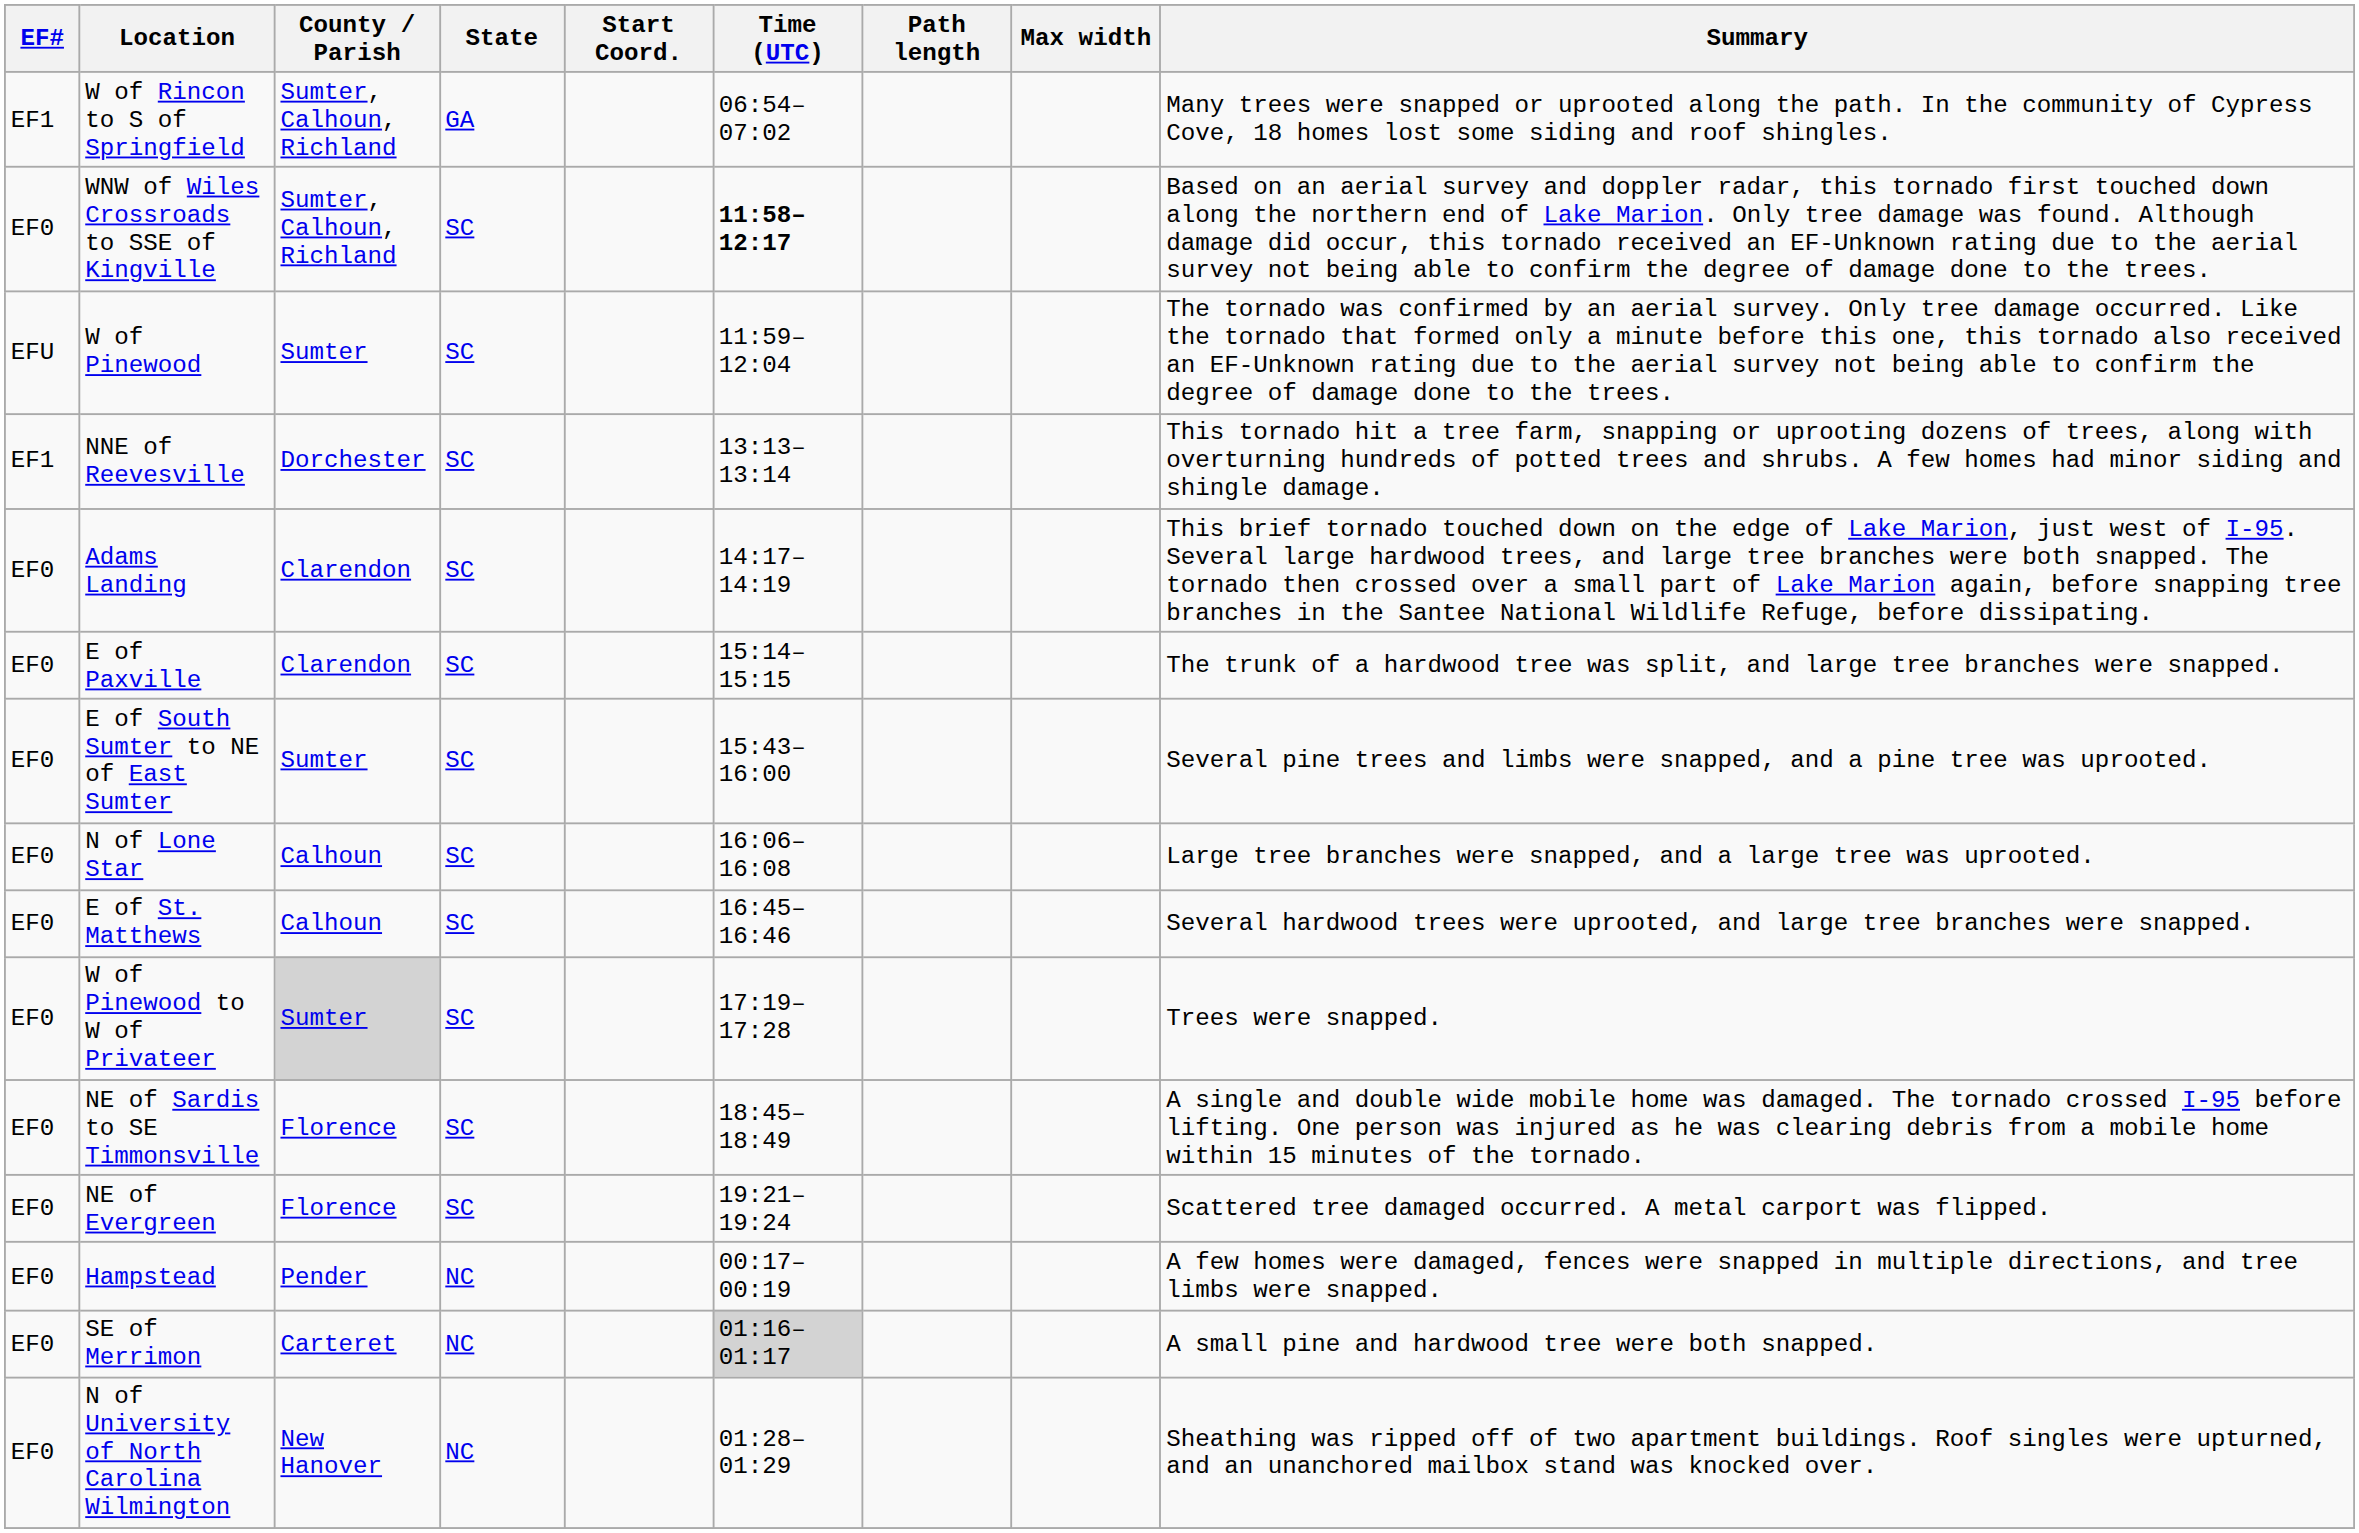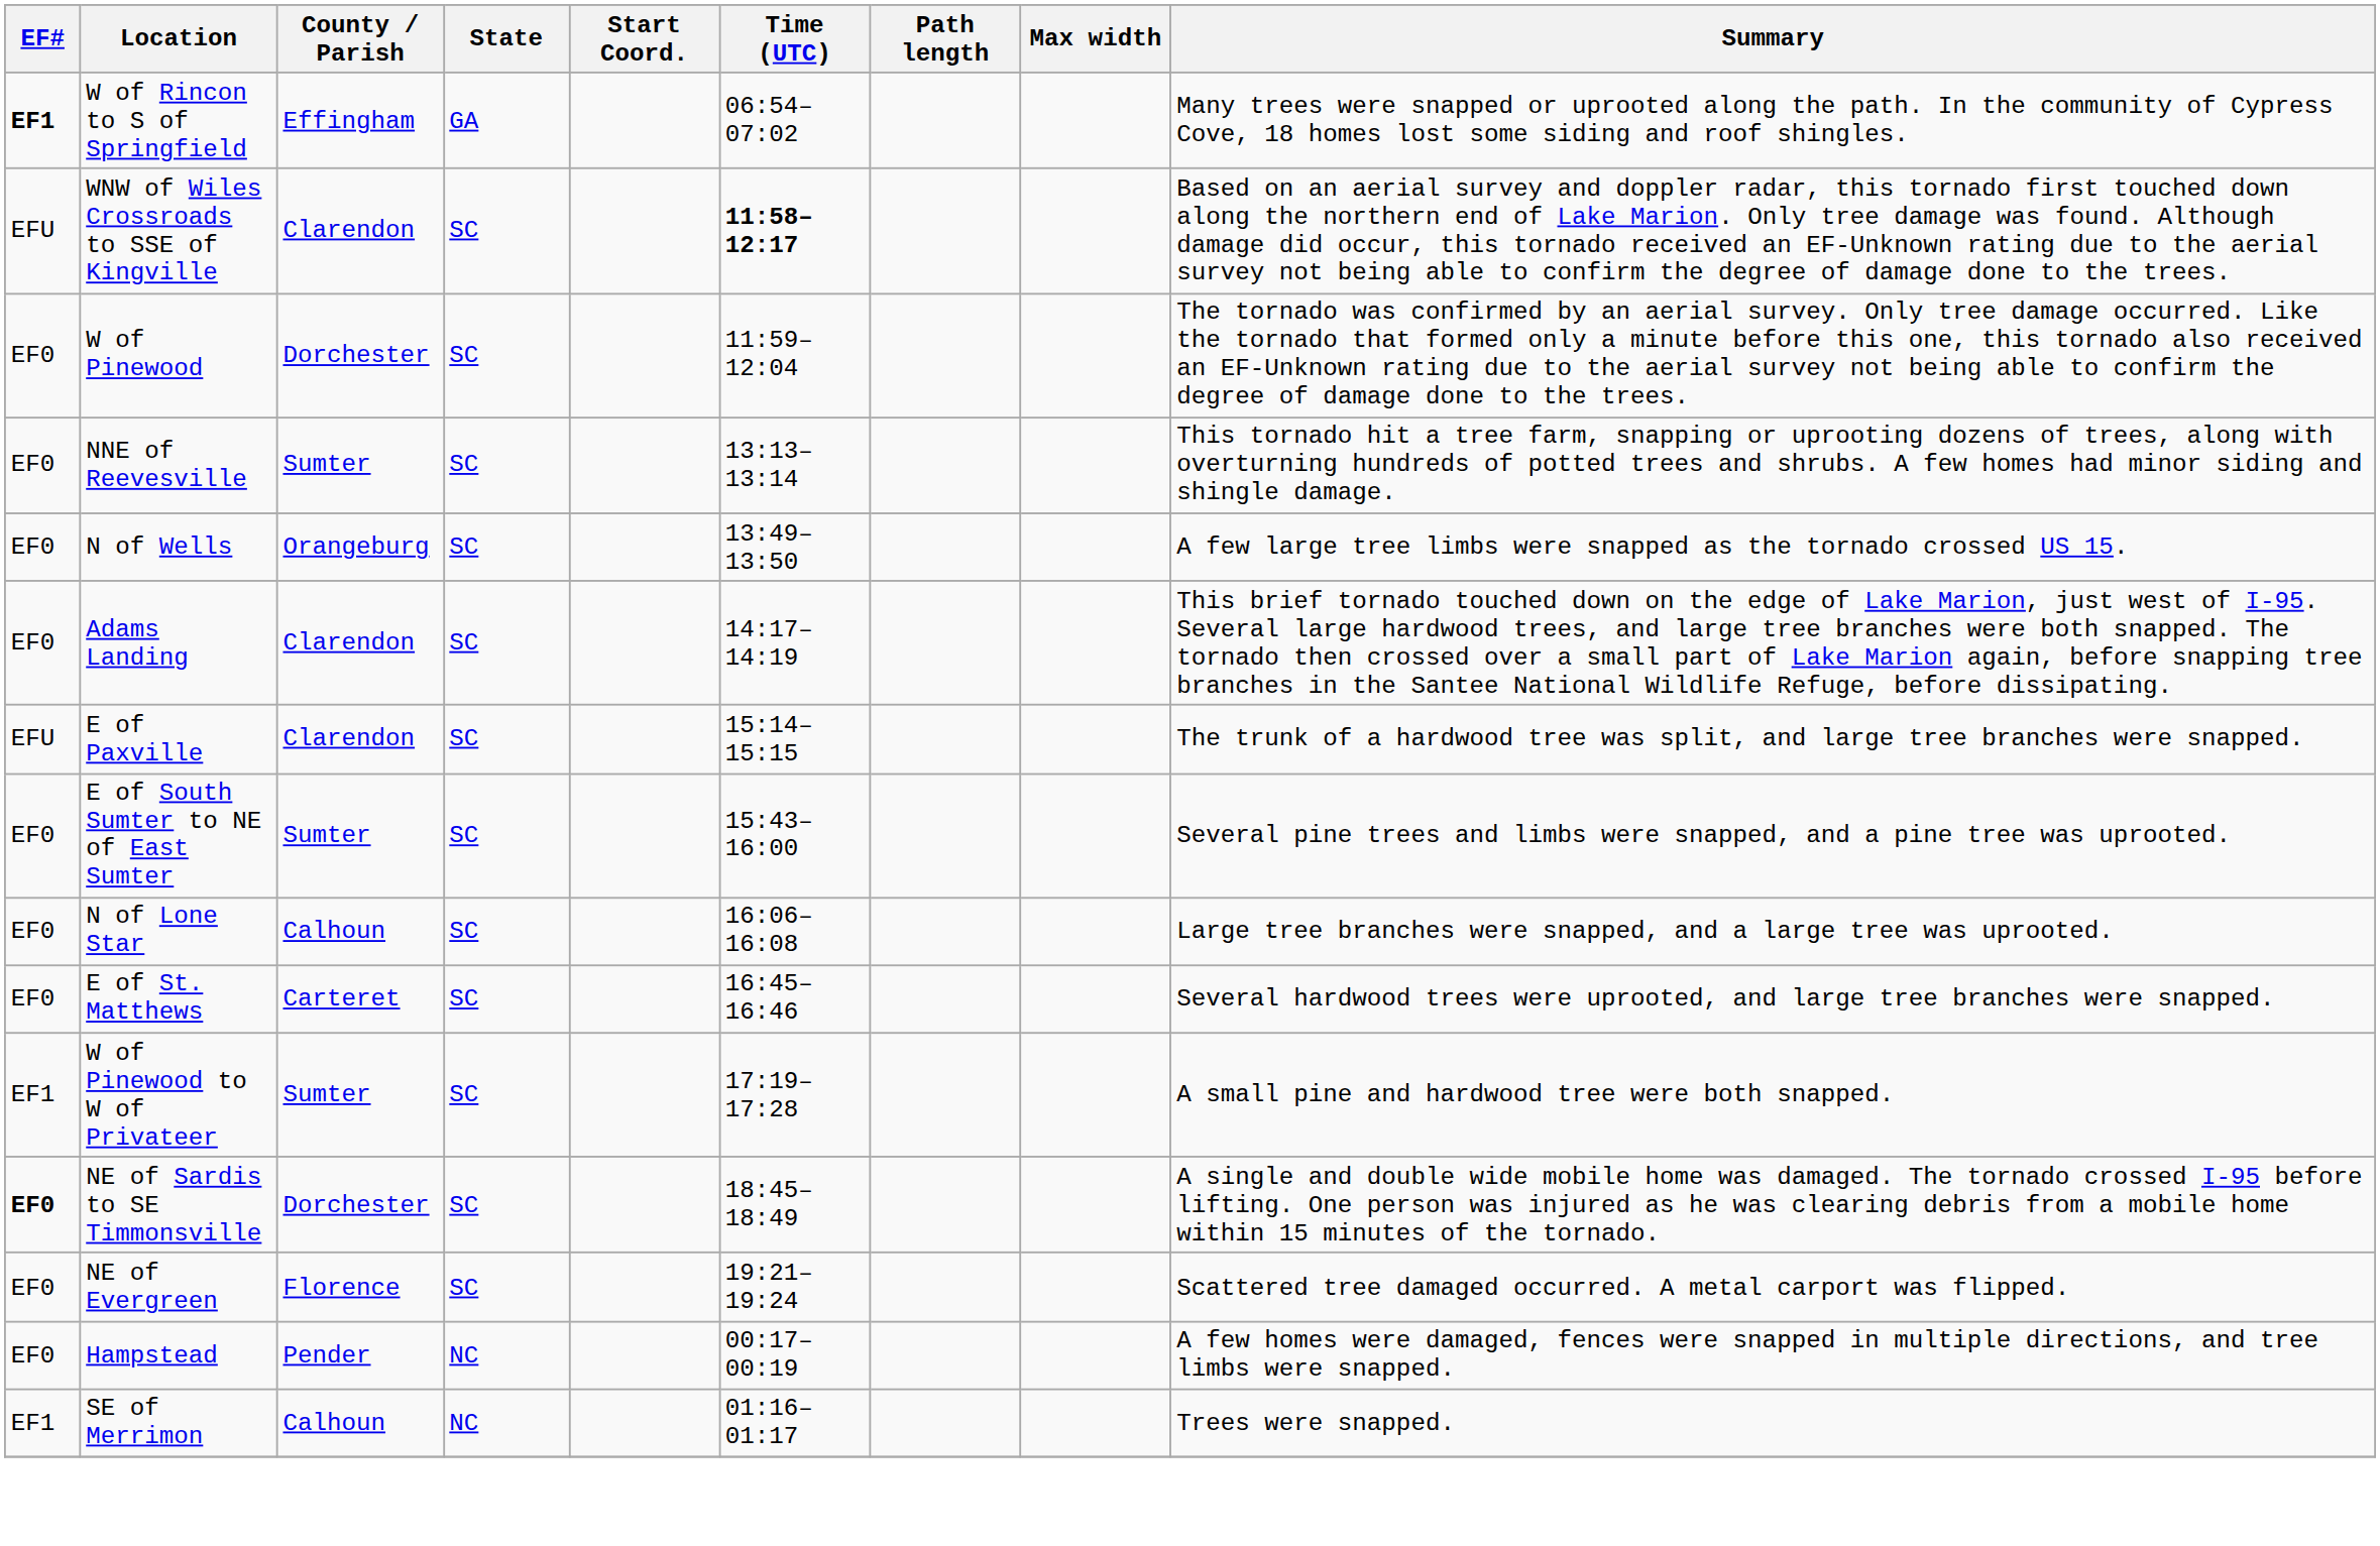 <table class="wikitable sortable" style="width:100%;">
 <tr>
 <th scope="col"  style="width:3%; text-align:center;"><a href='#'>EF#</a></th>
 <th scope="col"  style="width:7%; text-align:center;" class="unsortable">Location</th>
 <th scope="col"  style="width:6%; text-align:center;" class="unsortable">County / Parish</th>
 <th scope="col"  style="width:5%; text-align:center;">State</th>
 <th scope="col"  style="width:6%; text-align:center;">Start Coord.</th>
 <th scope="col"  style="width:6%; text-align:center;">Time (<a href='#'>UTC</a>)</th>
 <th scope="col"  style="width:6%; text-align:center;">Path length</th>
 <th scope="col"  style="width:6%; text-align:center;">Max width</th>
 <th scope="col" class="unsortable" style="width:48%; text-align:center;">Summary</th>
 </tr>
 <tr>
-<td>EF1</td>
+<td><strong>EF1</strong></td>
 <td>W of <a href='#'>Rincon</a> to S of <a href='#'>Springfield</a></td>
-<td><a href='#'>Sumter</a>, <a href='#'>Calhoun</a>, <a href='#'>Richland</a></td>
+<td><a href='#'>Effingham</a></td>
 <td><a href='#'>GA</a></td>
 <td></td>
 <td>06:54–07:02</td>
 <td></td>
 <td></td>
 <td>Many trees were snapped or uprooted along the path. In the community of Cypress Cove, 18 homes lost some siding and roof shingles.</td>
 </tr>
 <tr>
-<td>EF0</td>
+<td>EFU</td>
 <td>WNW of <a href='#'>Wiles Crossroads</a> to SSE of <a href='#'>Kingville</a></td>
-<td><a href='#'>Sumter</a>, <a href='#'>Calhoun</a>, <a href='#'>Richland</a></td>
+<td><a href='#'>Clarendon</a></td>
 <td><a href='#'>SC</a></td>
 <td></td>
 <td><strong>11:58–12:17</strong></td>
 <td></td>
 <td></td>
 <td>Based on an aerial survey and doppler radar, this tornado first touched down along the northern end of <a href='#'>Lake Marion</a>. Only tree damage was found. Although damage did occur, this tornado received an EF-Unknown rating due to the aerial survey not being able to confirm the degree of damage done to the trees.</td>
 </tr>
 <tr>
-<td>EFU</td>
+<td>EF0</td>
 <td>W of <a href='#'>Pinewood</a></td>
-<td><a href='#'>Sumter</a></td>
+<td><a href='#'>Dorchester</a></td>
 <td><a href='#'>SC</a></td>
 <td></td>
 <td>11:59–12:04</td>
 <td></td>
 <td></td>
 <td>The tornado was confirmed by an aerial survey. Only tree damage occurred. Like the tornado that formed only a minute before this one, this tornado also received an EF-Unknown rating due to the aerial survey not being able to confirm the degree of damage done to the trees.</td>
 </tr>
 <tr>
-<td>EF1</td>
+<td>EF0</td>
 <td>NNE of <a href='#'>Reevesville</a></td>
-<td><a href='#'>Dorchester</a></td>
+<td><a href='#'>Sumter</a></td>
 <td><a href='#'>SC</a></td>
 <td></td>
 <td>13:13–13:14</td>
 <td></td>
 <td></td>
 <td>This tornado hit a tree farm, snapping or uprooting dozens of trees, along with overturning hundreds of potted trees and shrubs. A few homes had minor siding and shingle damage.</td>
+</tr>
+<tr>
+<td>EF0</td>
+<td>N of <a href='#'>Wells</a></td>
+<td><a href='#'>Orangeburg</a></td>
+<td><a href='#'>SC</a></td>
+<td></td>
+<td>13:49–13:50</td>
+<td></td>
+<td></td>
+<td>A few large tree limbs were snapped as the tornado crossed <a href='#'>US 15</a>.</td>
 </tr>
 <tr>
 <td>EF0</td>
 <td><a href='#'>Adams Landing</a></td>
 <td><a href='#'>Clarendon</a></td>
 <td><a href='#'>SC</a></td>
 <td></td>
 <td>14:17–14:19</td>
 <td></td>
 <td></td>
 <td>This brief tornado touched down on the edge of <a href='#'>Lake Marion</a>, just west of <a href='#'>I-95</a>. Several large hardwood trees, and large tree branches were both snapped. The tornado then crossed over a small part of <a href='#'>Lake Marion</a> again, before snapping tree branches in the Santee National Wildlife Refuge, before dissipating.</td>
 </tr>
 <tr>
-<td>EF0</td>
+<td>EFU</td>
 <td>E of <a href='#'>Paxville</a></td>
 <td><a href='#'>Clarendon</a></td>
 <td><a href='#'>SC</a></td>
 <td></td>
 <td>15:14–15:15</td>
 <td></td>
 <td></td>
 <td>The trunk of a hardwood tree was split, and large tree branches were snapped.</td>
 </tr>
 <tr>
 <td>EF0</td>
 <td>E of <a href='#'>South Sumter</a> to NE of <a href='#'>East Sumter</a></td>
 <td><a href='#'>Sumter</a></td>
 <td><a href='#'>SC</a></td>
 <td></td>
 <td>15:43–16:00</td>
 <td></td>
 <td></td>
 <td>Several pine trees and limbs were snapped, and a pine tree was uprooted.</td>
 </tr>
 <tr>
 <td>EF0</td>
 <td>N of <a href='#'>Lone Star</a></td>
 <td><a href='#'>Calhoun</a></td>
 <td><a href='#'>SC</a></td>
 <td></td>
 <td>16:06–16:08</td>
 <td></td>
 <td></td>
 <td>Large tree branches were snapped, and a large tree was uprooted.</td>
 </tr>
 <tr>
 <td>EF0</td>
 <td>E of <a href='#'>St. Matthews</a></td>
-<td><a href='#'>Calhoun</a></td>
+<td><a href='#'>Carteret</a></td>
 <td><a href='#'>SC</a></td>
 <td></td>
 <td>16:45–16:46</td>
 <td></td>
 <td></td>
 <td>Several hardwood trees were uprooted, and large tree branches were snapped.</td>
 </tr>
 <tr>
-<td>EF0</td>
+<td>EF1</td>
 <td>W of <a href='#'>Pinewood</a> to W of <a href='#'>Privateer</a></td>
-<td style="background: lightgrey;"><a href='#'>Sumter</a></td>
+<td><a href='#'>Sumter</a></td>
 <td><a href='#'>SC</a></td>
 <td></td>
 <td>17:19–17:28</td>
 <td></td>
 <td></td>
-<td>Trees were snapped.</td>
+<td>A small pine and hardwood tree were both snapped.</td>
 </tr>
 <tr>
-<td>EF0</td>
+<td><strong>EF0</strong></td>
 <td>NE of <a href='#'>Sardis</a> to SE <a href='#'>Timmonsville</a></td>
-<td><a href='#'>Florence</a></td>
+<td><a href='#'>Dorchester</a></td>
 <td><a href='#'>SC</a></td>
 <td></td>
 <td>18:45–18:49</td>
 <td></td>
 <td></td>
 <td>A single and double wide mobile home was damaged. The tornado crossed <a href='#'>I-95</a> before lifting. One person was injured as he was clearing debris from a mobile home within 15 minutes of the tornado.</td>
 </tr>
 <tr>
 <td>EF0</td>
 <td>NE of <a href='#'>Evergreen</a></td>
 <td><a href='#'>Florence</a></td>
 <td><a href='#'>SC</a></td>
 <td></td>
 <td>19:21–19:24</td>
 <td></td>
 <td></td>
 <td>Scattered tree damaged occurred. A metal carport was flipped.</td>
 </tr>
 <tr>
 <td>EF0</td>
 <td><a href='#'>Hampstead</a></td>
 <td><a href='#'>Pender</a></td>
 <td><a href='#'>NC</a></td>
 <td></td>
 <td>00:17–00:19</td>
 <td></td>
 <td></td>
 <td>A few homes were damaged, fences were snapped in multiple directions, and tree limbs were snapped.</td>
 </tr>
 <tr>
-<td>EF0</td>
+<td>EF1</td>
 <td>SE of <a href='#'>Merrimon</a></td>
-<td><a href='#'>Carteret</a></td>
+<td><a href='#'>Calhoun</a></td>
 <td><a href='#'>NC</a></td>
 <td></td>
-<td style="background: lightgrey;">01:16–01:17</td>
+<td>01:16–01:17</td>
 <td></td>
 <td></td>
-<td>A small pine and hardwood tree were both snapped.</td>
-</tr>
-<tr>
-<td>EF0</td>
-<td>N of <a href='#'>University of North Carolina Wilmington</a></td>
-<td><a href='#'>New Hanover</a></td>
-<td><a href='#'>NC</a></td>
-<td></td>
-<td>01:28–01:29</td>
-<td></td>
-<td></td>
-<td>Sheathing was ripped off of two apartment buildings. Roof singles were upturned, and an unanchored mailbox stand was knocked over.</td>
+<td>Trees were snapped.</td>
 </tr>
 <tr>
 </tr>
 </table>
